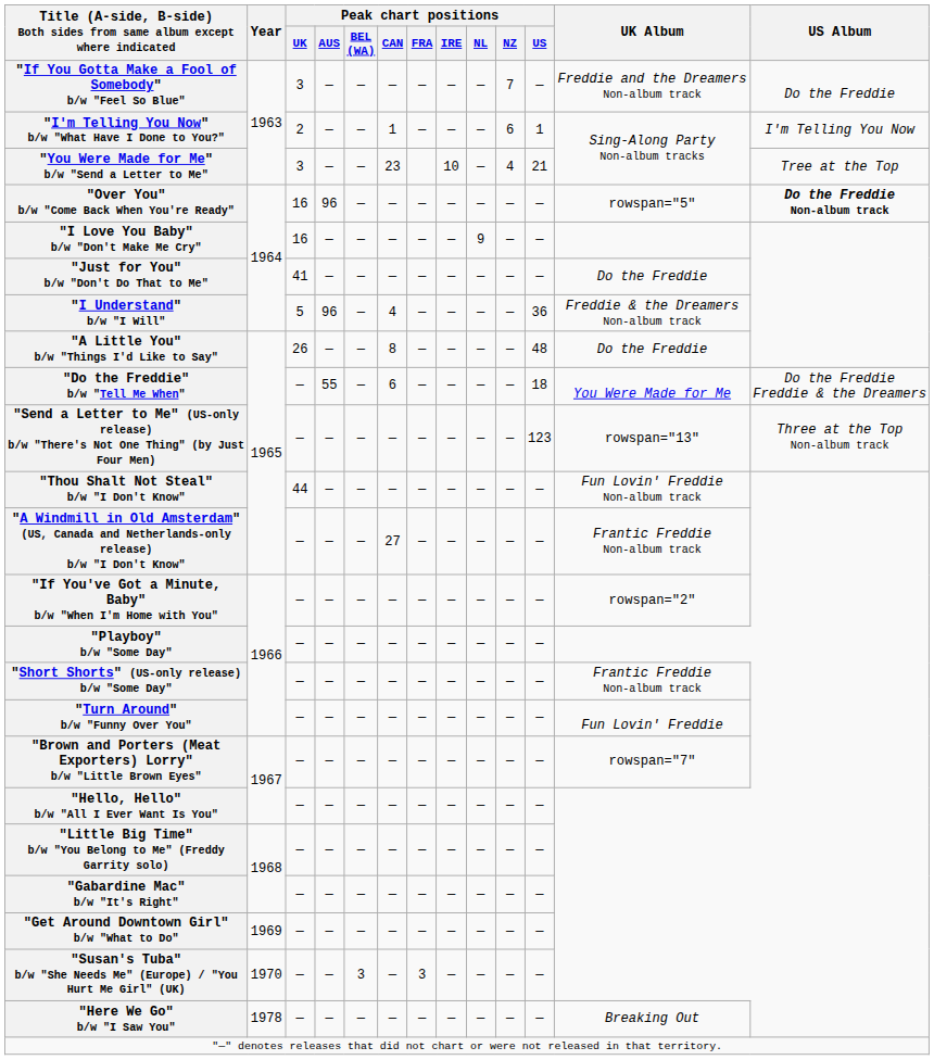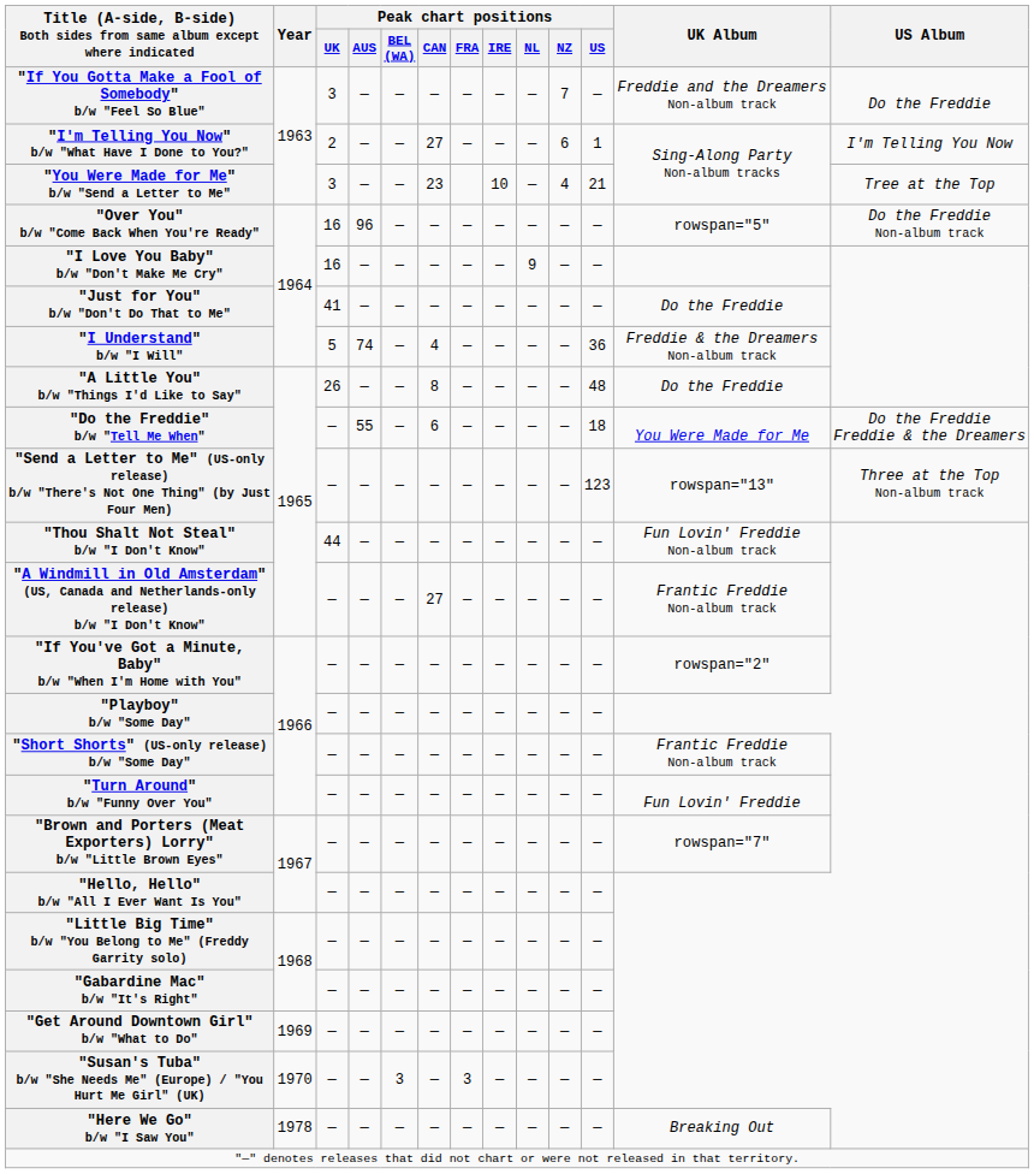 <table class="wikitable plainrowheaders" style="text-align:center;">
 <tr>
 <th rowspan="2" scope="col" style="width:18em;">Title (A-side, B-side)<br><small>Both sides from same album except where indicated</small></th>
 <th rowspan="2" scope="col" style="width:2em;">Year</th>
 <th colspan="9">Peak chart positions</th>
 <th rowspan="2">UK Album</th>
 <th rowspan="2">US Album</th>
 </tr>
 <tr>
 <th scope="col" style="width:2em;font-size:90%;"><a href='#'>UK</a><br></th>
 <th scope="col" style="width:2em;font-size:90%;"><a href='#'>AUS</a><br></th>
 <th scope="col" style="width:2em;font-size:90%;"><a href='#'>BEL (WA)</a><br></th>
 <th scope="col" style="width:2em;font-size:90%;"><a href='#'>CAN</a><br></th>
 <th scope="col" style="width:2em;font-size:90%;"><a href='#'>FRA</a><br></th>
 <th scope="col" style="width:2em;font-size:90%;"><a href='#'>IRE</a><br></th>
 <th scope="col" style="width:2em;font-size:90%;"><a href='#'>NL</a><br></th>
 <th scope="col" style="width:2em;font-size:90%;"><a href='#'>NZ</a><br></th>
 <th scope="col" style="width:2em;font-size:90%;"><a href='#'>US</a><br></th>
 </tr>
 <tr>
 <th scope="row">"<a href='#'>If You Gotta Make a Fool of Somebody</a>"<br><small>b/w "Feel So Blue"</small></th>
 <td rowspan="3">1963</td>
 <td>3</td>
 <td>—</td>
 <td>—</td>
 <td>—</td>
 <td>—</td>
 <td>—</td>
 <td>—</td>
 <td>7</td>
 <td>—</td>
 <td><em>Freddie and the Dreamers</em><br><small>Non-album track</small></td>
 <td><br><em>Do the Freddie</em></td>
 </tr>
 <tr>
 <th scope="row">"<a href='#'>I'm Telling You Now</a>"<br><small>b/w "What Have I Done to You?"</small></th>
 <td>2</td>
 <td>—</td>
 <td>—</td>
-<td>1</td>
+<td>27</td>
 <td>—</td>
 <td>—</td>
 <td>—</td>
 <td>6</td>
 <td>1</td>
 <td rowspan="2"><em>Sing-Along Party</em><br><small>Non-album tracks</small></td>
 <td><em>I'm Telling You Now</em></td>
 </tr>
 <tr>
 <th scope="row">"<a href='#'>You Were Made for Me</a>"<br><small>b/w "Send a Letter to Me"</small></th>
 <td>3</td>
 <td>—</td>
 <td>—</td>
 <td>23</td>
 <td></td>
 <td>10</td>
 <td>—</td>
 <td>4</td>
 <td>21</td>
 <td><em>Tree at the Top</em></td>
 </tr>
 <tr>
 <th scope="row">"Over You"<br><small>b/w "Come Back When You're Ready"</small></th>
 <td rowspan="4">1964</td>
 <td>16</td>
 <td>96</td>
 <td>—</td>
 <td>—</td>
 <td>—</td>
 <td>—</td>
 <td>—</td>
 <td>—</td>
 <td>—</td>
 <td>rowspan="5" </td>
-<td><strong><em>Do the Freddie</em><br><small>Non-album track</small></strong></td>
+<td><em>Do the Freddie</em><br><small>Non-album track</small></td>
 </tr>
 <tr>
 <th scope="row">"I Love You Baby"<br><small>b/w "Don't Make Me Cry"</small></th>
 <td>16</td>
 <td>—</td>
 <td>—</td>
 <td>—</td>
 <td>—</td>
 <td>—</td>
 <td>9</td>
 <td>—</td>
 <td>—</td>
 <td></td>
 </tr>
 <tr>
 <th scope="row">"Just for You"<br><small>b/w "Don't Do That to Me"</small></th>
 <td>41</td>
 <td>—</td>
 <td>—</td>
 <td>—</td>
 <td>—</td>
 <td>—</td>
 <td>—</td>
 <td>—</td>
 <td>—</td>
 <td><em>Do the Freddie</em></td>
 </tr>
 <tr>
 <th scope="row">"<a href='#'>I Understand</a>"<br><small>b/w "I Will"</small></th>
 <td>5</td>
-<td>96</td>
+<td>74</td>
 <td>—</td>
 <td>4</td>
 <td>—</td>
 <td>—</td>
 <td>—</td>
 <td>—</td>
 <td>36</td>
 <td><em>Freddie & the Dreamers</em><br><small>Non-album track</small></td>
 </tr>
 <tr>
 <th scope="row">"A Little You"<br><small>b/w "Things I'd Like to Say"</small></th>
 <td rowspan="5">1965</td>
 <td>26</td>
 <td>—</td>
 <td>—</td>
 <td>8</td>
 <td>—</td>
 <td>—</td>
 <td>—</td>
 <td>—</td>
 <td>48</td>
 <td><em>Do the Freddie</em></td>
 </tr>
 <tr>
 <th scope="row">"Do the Freddie"<br><small>b/w "<a href='#'>Tell Me When</a>"</small></th>
 <td>—</td>
 <td>55</td>
 <td>—</td>
 <td>6</td>
 <td>—</td>
 <td>—</td>
 <td>—</td>
 <td>—</td>
 <td>18</td>
 <td><br><em><a href='#'>You Were Made for Me</a></em></td>
 <td><em>Do the Freddie</em><br><em>Freddie & the Dreamers</em></td>
 </tr>
 <tr>
 <th scope="row">"Send a Letter to Me" <small>(US-only release)</small><br><small>b/w "There's Not One Thing" (by Just Four Men)</small></th>
 <td>—</td>
 <td>—</td>
 <td>—</td>
 <td>—</td>
 <td>—</td>
 <td>—</td>
 <td>—</td>
 <td>—</td>
 <td>123</td>
 <td>rowspan="13" </td>
 <td><em>Three at the Top</em><br><small>Non-album track</small></td>
 </tr>
 <tr>
 <th scope="row">"Thou Shalt Not Steal"<br><small>b/w "I Don't Know"</small></th>
 <td>44</td>
 <td>—</td>
 <td>—</td>
 <td>—</td>
 <td>—</td>
 <td>—</td>
 <td>—</td>
 <td>—</td>
 <td>—</td>
 <td><em>Fun Lovin' Freddie</em><br><small>Non-album track</small></td>
 </tr>
 <tr>
 <th scope="row">"<a href='#'>A Windmill in Old Amsterdam</a>" <small>(US, Canada and Netherlands-only release)</small><br><small>b/w "I Don't Know"</small></th>
 <td>—</td>
 <td>—</td>
 <td>—</td>
 <td>27</td>
 <td>—</td>
 <td>—</td>
 <td>—</td>
 <td>—</td>
 <td>—</td>
 <td><em>Frantic Freddie</em><br><small>Non-album track</small></td>
 </tr>
 <tr>
 <th scope="row">"If You've Got a Minute, Baby"<br><small>b/w "When I'm Home with You"</small></th>
 <td rowspan="4">1966</td>
 <td>—</td>
 <td>—</td>
 <td>—</td>
 <td>—</td>
 <td>—</td>
 <td>—</td>
 <td>—</td>
 <td>—</td>
 <td>—</td>
 <td>rowspan="2" </td>
 </tr>
 <tr>
 <th scope="row">"Playboy"<br><small>b/w "Some Day"</small></th>
 <td>—</td>
 <td>—</td>
 <td>—</td>
 <td>—</td>
 <td>—</td>
 <td>—</td>
 <td>—</td>
 <td>—</td>
 <td>—</td>
 </tr>
 <tr>
 <th scope="row">"<a href='#'>Short Shorts</a>" <small>(US-only release)</small><br><small>b/w "Some Day"</small></th>
 <td>—</td>
 <td>—</td>
 <td>—</td>
 <td>—</td>
 <td>—</td>
 <td>—</td>
 <td>—</td>
 <td>—</td>
 <td>—</td>
 <td><em>Frantic Freddie</em><br><small>Non-album track</small></td>
 </tr>
 <tr>
 <th scope="row">"<a href='#'>Turn Around</a>"<br><small>b/w "Funny Over You"</small></th>
 <td>—</td>
 <td>—</td>
 <td>—</td>
 <td>—</td>
 <td>—</td>
 <td>—</td>
 <td>—</td>
 <td>—</td>
 <td>—</td>
 <td><br><em>Fun Lovin' Freddie</em></td>
 </tr>
 <tr>
 <th scope="row">"Brown and Porters (Meat Exporters) Lorry"<br><small>b/w "Little Brown Eyes"</small></th>
 <td rowspan="2">1967</td>
 <td>—</td>
 <td>—</td>
 <td>—</td>
 <td>—</td>
 <td>—</td>
 <td>—</td>
 <td>—</td>
 <td>—</td>
 <td>—</td>
 <td>rowspan="7" </td>
 </tr>
 <tr>
 <th scope="row">"Hello, Hello"<br><small>b/w "All I Ever Want Is You"</small></th>
 <td>—</td>
 <td>—</td>
 <td>—</td>
 <td>—</td>
 <td>—</td>
 <td>—</td>
 <td>—</td>
 <td>—</td>
 <td>—</td>
 </tr>
 <tr>
 <th scope="row">"Little Big Time"<br><small>b/w "You Belong to Me" (Freddy Garrity solo)</small></th>
 <td rowspan="2">1968</td>
 <td>—</td>
 <td>—</td>
 <td>—</td>
 <td>—</td>
 <td>—</td>
 <td>—</td>
 <td>—</td>
 <td>—</td>
 <td>—</td>
 </tr>
 <tr>
 <th scope="row">"Gabardine Mac"<br><small>b/w "It's Right"</small></th>
 <td>—</td>
 <td>—</td>
 <td>—</td>
 <td>—</td>
 <td>—</td>
 <td>—</td>
 <td>—</td>
 <td>—</td>
 <td>—</td>
 </tr>
 <tr>
 <th scope="row">"Get Around Downtown Girl"<br><small>b/w "What to Do"</small></th>
 <td>1969</td>
 <td>—</td>
 <td>—</td>
 <td>—</td>
 <td>—</td>
 <td>—</td>
 <td>—</td>
 <td>—</td>
 <td>—</td>
 <td>—</td>
 </tr>
 <tr>
 <th scope="row">"Susan's Tuba" <br><small>b/w "She Needs Me" (Europe) / "You Hurt Me Girl" (UK)</small></th>
 <td>1970</td>
 <td>—</td>
 <td>—</td>
 <td>3</td>
 <td>—</td>
 <td>3</td>
 <td>—</td>
 <td>—</td>
 <td>—</td>
 <td>—</td>
 </tr>
 <tr>
 <th scope="row">"Here We Go"<br><small>b/w "I Saw You"</small></th>
 <td>1978</td>
 <td>—</td>
 <td>—</td>
 <td>—</td>
 <td>—</td>
 <td>—</td>
 <td>—</td>
 <td>—</td>
 <td>—</td>
 <td>—</td>
 <td><em>Breaking Out</em></td>
 </tr>
 <tr>
 <td colspan="13" style="font-size:8pt">"—" denotes releases that did not chart or were not released in that territory.</td>
 </tr>
 </table>
